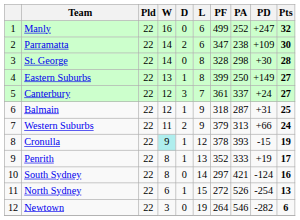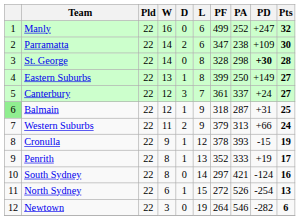 <table class="wikitable" style="text-align:center;">
 <tr>
 <th width=20 abbr="Position×"></th>
 <th width=175>Team</th>
 <th width=20 abbr="Played">Pld</th>
 <th width=20 abbr="Won">W</th>
 <th width=20 abbr="Drawn">D</th>
 <th width=20 abbr="Lost">L</th>
 <th width=20 abbr="Points for">PF</th>
 <th width=20 abbr="Points against">PA</th>
 <th width=20 abbr="Points difference">PD</th>
 <th width=20 abbr="Points">Pts</th>
 </tr>
 <tr style="background: #ccffcc;">
 <td>1</td>
 <td style="text-align:left;"> <a href='#'>Manly</a></td>
 <td>22</td>
 <td>16</td>
 <td>0</td>
 <td>6</td>
 <td>499</td>
 <td>252</td>
 <td>+247</td>
 <td><strong>32</strong></td>
 </tr>
 <tr style="background: #ccffcc;">
 <td>2</td>
 <td style="text-align:left;"> <a href='#'>Parramatta</a></td>
 <td>22</td>
 <td>14</td>
 <td>2</td>
 <td>6</td>
 <td>347</td>
 <td>238</td>
 <td>+109</td>
 <td><strong>30</strong></td>
 </tr>
 <tr style="background: #ccffcc;">
 <td>3</td>
 <td style="text-align:left;"> <a href='#'>St. George</a></td>
 <td>22</td>
 <td>14</td>
 <td>0</td>
 <td>8</td>
 <td>328</td>
 <td>298</td>
-<td>+30</td>
+<td><strong>+30</strong></td>
 <td><strong>28</strong></td>
 </tr>
 <tr style="background: #ccffcc;">
 <td>4</td>
 <td style="text-align:left;"> <a href='#'>Eastern Suburbs</a></td>
 <td>22</td>
 <td>13</td>
 <td>1</td>
 <td>8</td>
 <td>399</td>
 <td>250</td>
 <td>+149</td>
 <td><strong>27</strong></td>
 </tr>
 <tr style="background: #ccffcc;">
 <td>5</td>
 <td style="text-align:left;"> <a href='#'>Canterbury</a></td>
 <td>22</td>
 <td>12</td>
 <td>3</td>
 <td>7</td>
 <td>361</td>
 <td>337</td>
 <td>+24</td>
 <td><strong>27</strong></td>
 </tr>
 <tr>
-<td>6</td>
+<td style="background: lightgreen;">6</td>
 <td style="text-align:left;"> <a href='#'>Balmain</a></td>
 <td>22</td>
 <td>12</td>
 <td>1</td>
 <td>9</td>
 <td>318</td>
 <td>287</td>
 <td>+31</td>
 <td><strong>25</strong></td>
 </tr>
 <tr>
 <td>7</td>
 <td style="text-align:left;"> <a href='#'>Western Suburbs</a></td>
 <td>22</td>
 <td>11</td>
 <td>2</td>
 <td>9</td>
 <td>379</td>
 <td>313</td>
 <td>+66</td>
 <td><strong>24</strong></td>
 </tr>
 <tr>
 <td>8</td>
 <td style="text-align:left;"> <a href='#'>Cronulla</a></td>
 <td>22</td>
-<td style="background: paleturquoise;">9</td>
+<td>9</td>
 <td>1</td>
 <td>12</td>
 <td>378</td>
 <td>393</td>
 <td>-15</td>
 <td><strong>19</strong></td>
 </tr>
 <tr>
 <td>9</td>
 <td style="text-align:left;"> <a href='#'>Penrith</a></td>
 <td>22</td>
 <td>8</td>
 <td>1</td>
 <td>13</td>
 <td>352</td>
 <td>333</td>
 <td>+19</td>
 <td><strong>17</strong></td>
 </tr>
 <tr>
 <td>10</td>
 <td style="text-align:left;"> <a href='#'>South Sydney</a></td>
 <td>22</td>
 <td>8</td>
 <td>0</td>
 <td>14</td>
 <td>297</td>
 <td>421</td>
 <td>-124</td>
 <td><strong>16</strong></td>
 </tr>
 <tr>
 <td>11</td>
 <td style="text-align:left;"> <a href='#'>North Sydney</a></td>
 <td>22</td>
 <td>6</td>
 <td>1</td>
 <td>15</td>
 <td>272</td>
 <td>526</td>
 <td>-254</td>
 <td><strong>13</strong></td>
 </tr>
 <tr>
 <td>12</td>
 <td style="text-align:left;"> <a href='#'>Newtown</a></td>
 <td>22</td>
 <td>3</td>
 <td>0</td>
 <td>19</td>
 <td>264</td>
 <td>546</td>
 <td>-282</td>
 <td><strong>6</strong></td>
 </tr>
 <tr>
 </tr>
 </table>
